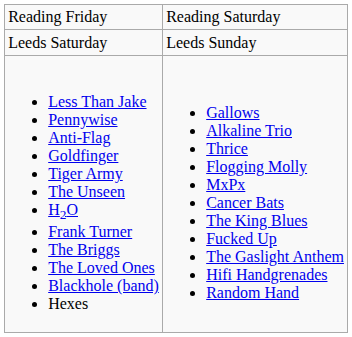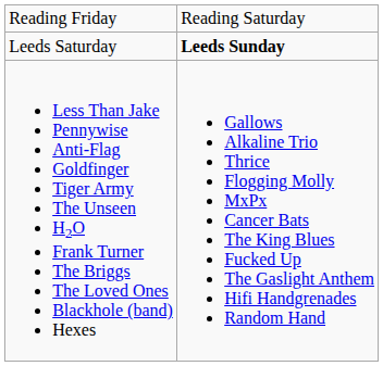 <table class="wikitable">
 <tr>
 <td>Reading Friday</td>
 <td>Reading Saturday</td>
 </tr>
 <tr>
 <td>Leeds Saturday</td>
-<td>Leeds Sunday</td>
+<td><strong>Leeds Sunday</strong></td>
 </tr>
 <tr>
 <td><br><ul><li><a href='#'>Less Than Jake</a></li><li><a href='#'>Pennywise</a></li><li><a href='#'>Anti-Flag</a></li><li><a href='#'>Goldfinger</a></li><li><a href='#'>Tiger Army</a></li><li><a href='#'>The Unseen</a></li><li><a href='#'>H<sub>2</sub>O</a></li><li><a href='#'>Frank Turner</a></li><li><a href='#'>The Briggs</a></li><li><a href='#'>The Loved Ones</a></li><li><a href='#'>Blackhole (band)</a></li><li>Hexes</li></ul></td>
 <td><br><ul><li><a href='#'>Gallows</a></li><li><a href='#'>Alkaline Trio</a></li><li><a href='#'>Thrice</a></li><li><a href='#'>Flogging Molly</a></li><li><a href='#'>MxPx</a></li><li><a href='#'>Cancer Bats</a></li><li><a href='#'>The King Blues</a></li><li><a href='#'>Fucked Up</a></li><li><a href='#'>The Gaslight Anthem</a></li><li><a href='#'>Hifi Handgrenades</a></li><li><a href='#'>Random Hand</a></li></ul></td>
 </tr>
 </table>
